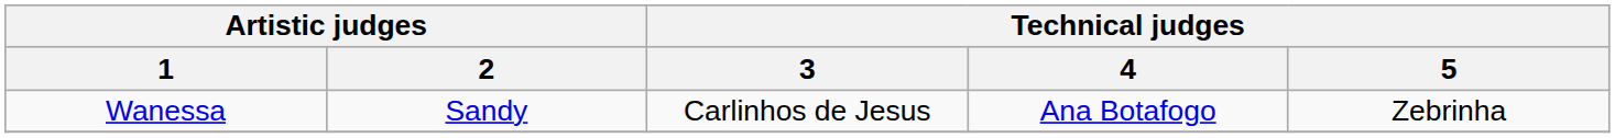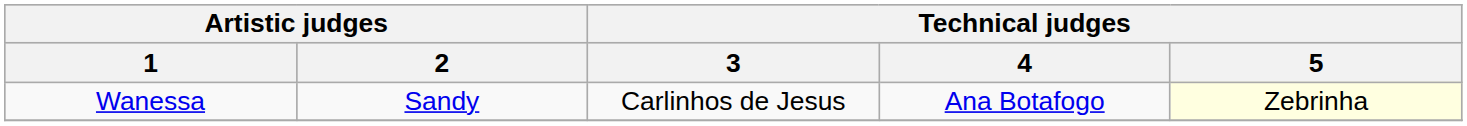 <table class="wikitable" style="font-size:100%; line-height:16px; text-align:center" width="100%">
 <tr>
 <th colspan=2>Artistic judges</th>
 <th colspan=3>Technical judges</th>
 </tr>
 <tr>
 <th width="20.0%">1</th>
 <th width="20.0%">2</th>
 <th width="20.0%">3</th>
 <th width="20.0%">4</th>
 <th width="20.0%">5</th>
 </tr>
 <tr>
 <td><a href='#'>Wanessa</a></td>
 <td><a href='#'>Sandy</a></td>
 <td>Carlinhos de Jesus</td>
 <td><a href='#'>Ana Botafogo</a></td>
-<td>Zebrinha</td>
+<td style="background: lightyellow;">Zebrinha</td>
 </tr>
 <tr>
 </tr>
 </table>
